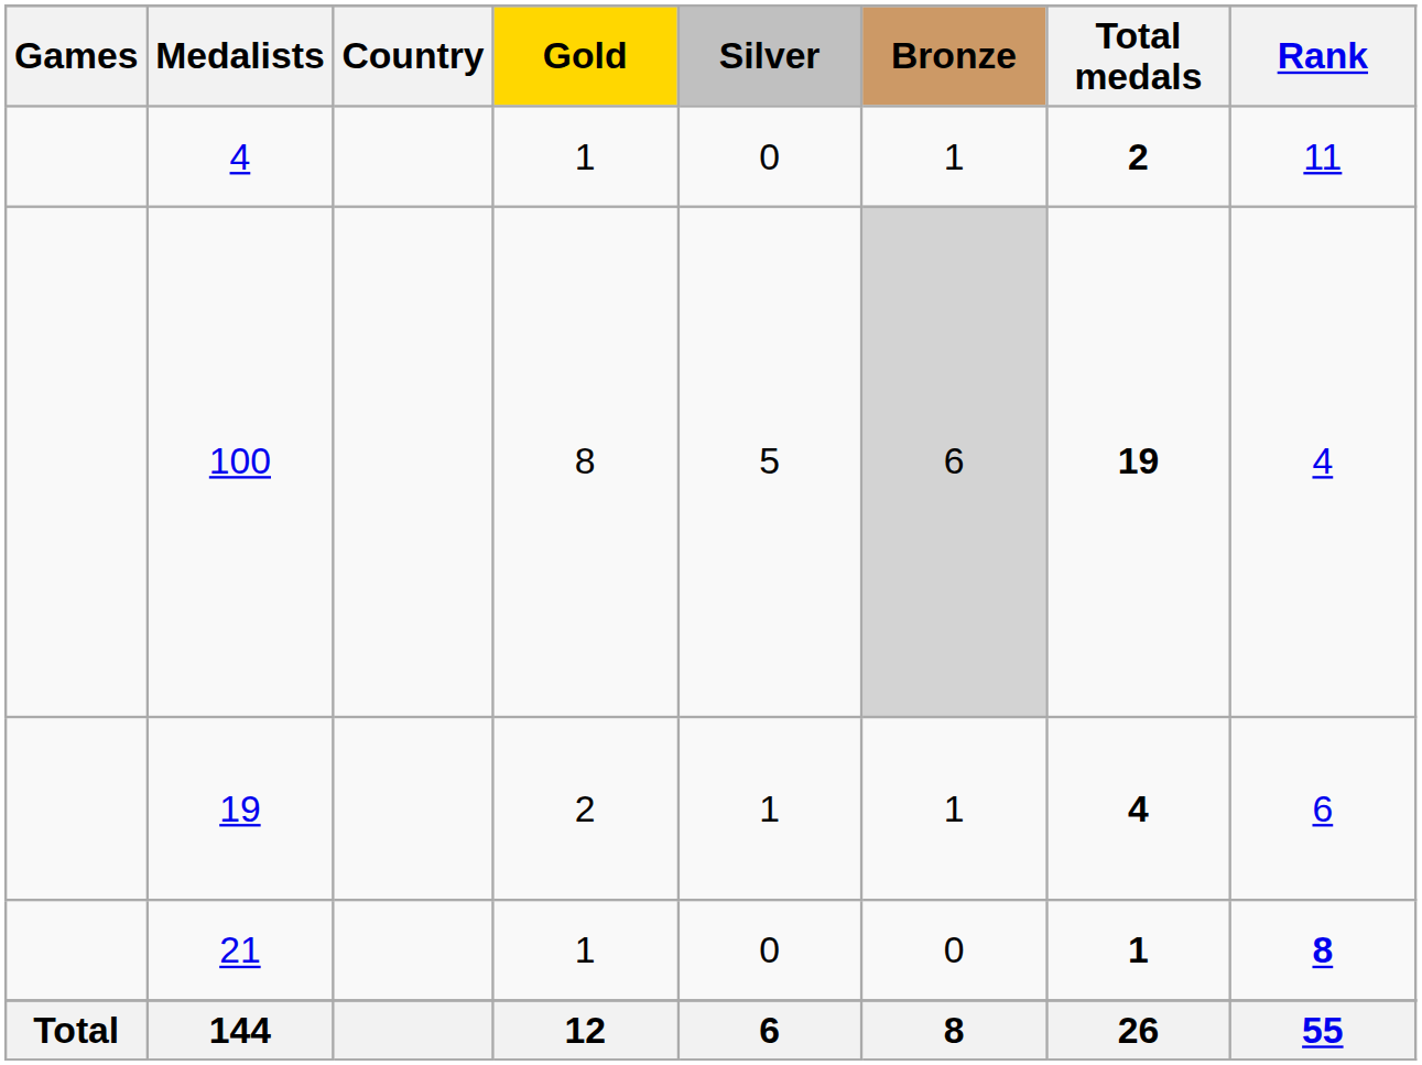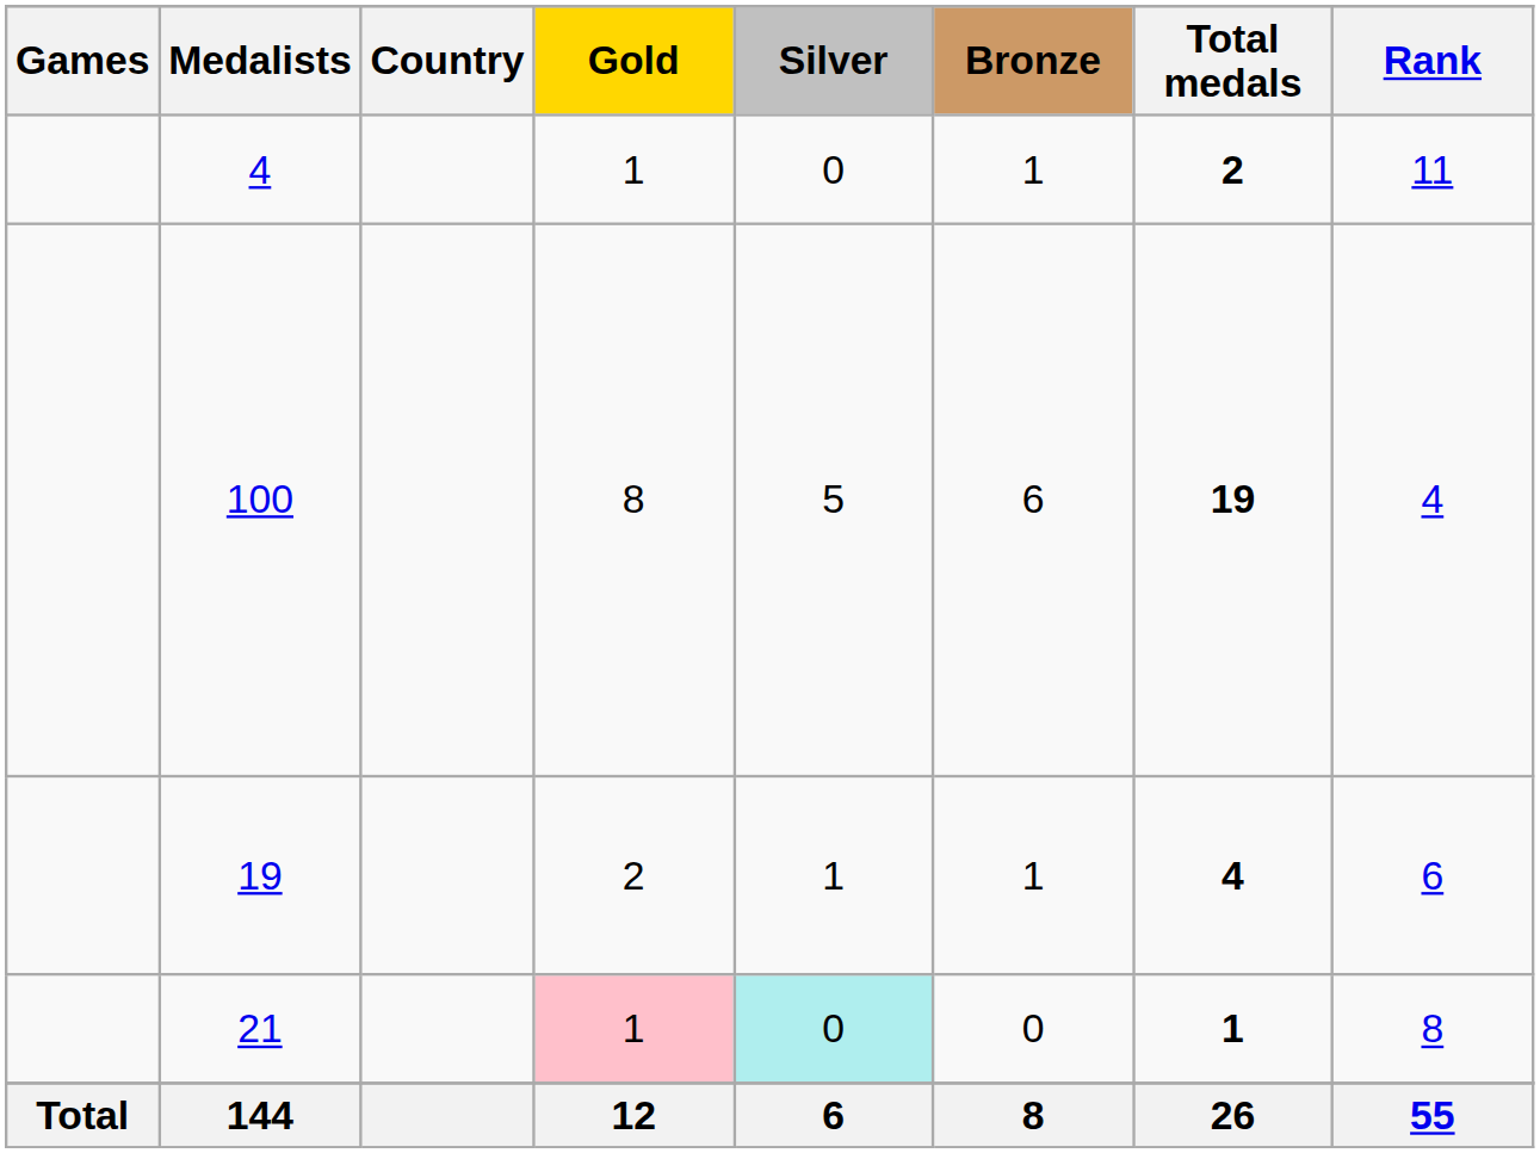 <table class="wikitable" style="text-align:center; font-size:90%;">
 <tr>
 </tr>
 <tr>
 <th>Games</th>
 <th>Medalists</th>
 <th>Country</th>
 <td style="background:gold; width:4.5em; font-weight:bold;">Gold</td>
 <td style="background:silver; width:4.5em; font-weight:bold;">Silver</td>
 <td style="background:#cc9966; width:4.5em; font-weight:bold;">Bronze</td>
 <th style="width:4.5em; font-weight:bold;">Total medals</th>
 <th style="width:4.5em; font-weight:bold;"><a href='#'>Rank</a></th>
 </tr>
 <tr>
 <td align=left></td>
 <td><a href='#'>4</a></td>
 <td> <br>  <br> </td>
 <td>1</td>
 <td>0</td>
 <td>1</td>
 <td><strong>2</strong></td>
 <td><a href='#'>11</a></td>
 </tr>
 <tr>
 <td align=left></td>
 <td><a href='#'>100</a></td>
 <td> <br>  <br>  <br>  <br>  <br>  <br>  <br>  <br>  <br>  <br>  <br>  <br> </td>
 <td>8</td>
 <td>5</td>
-<td style="background: lightgrey;">6</td>
+<td>6</td>
 <td><strong>19</strong></td>
 <td><a href='#'>4</a></td>
 </tr>
 <tr>
 <td align=left></td>
 <td><a href='#'>19</a></td>
 <td> <br>  <br>  <br>  <br> </td>
 <td>2</td>
 <td>1</td>
 <td>1</td>
 <td><strong>4</strong></td>
 <td><a href='#'>6</a></td>
 </tr>
 <tr>
 <td align=left></td>
 <td><a href='#'>21</a></td>
 <td> <br>  <br> </td>
-<td>1</td>
-<td>0</td>
+<td style="background: pink;">1</td>
+<td style="background: paleturquoise;">0</td>
 <td>0</td>
 <td><strong>1</strong></td>
-<td><strong><a href='#'>8</a></strong></td>
+<td><a href='#'>8</a></td>
 </tr>
 <tr>
 </tr>
 <tr>
 <th>Total</th>
 <th>144</th>
 <th></th>
 <th>12</th>
 <th>6</th>
 <th>8</th>
 <th>26</th>
 <th><a href='#'>55</a></th>
 </tr>
 </table>
